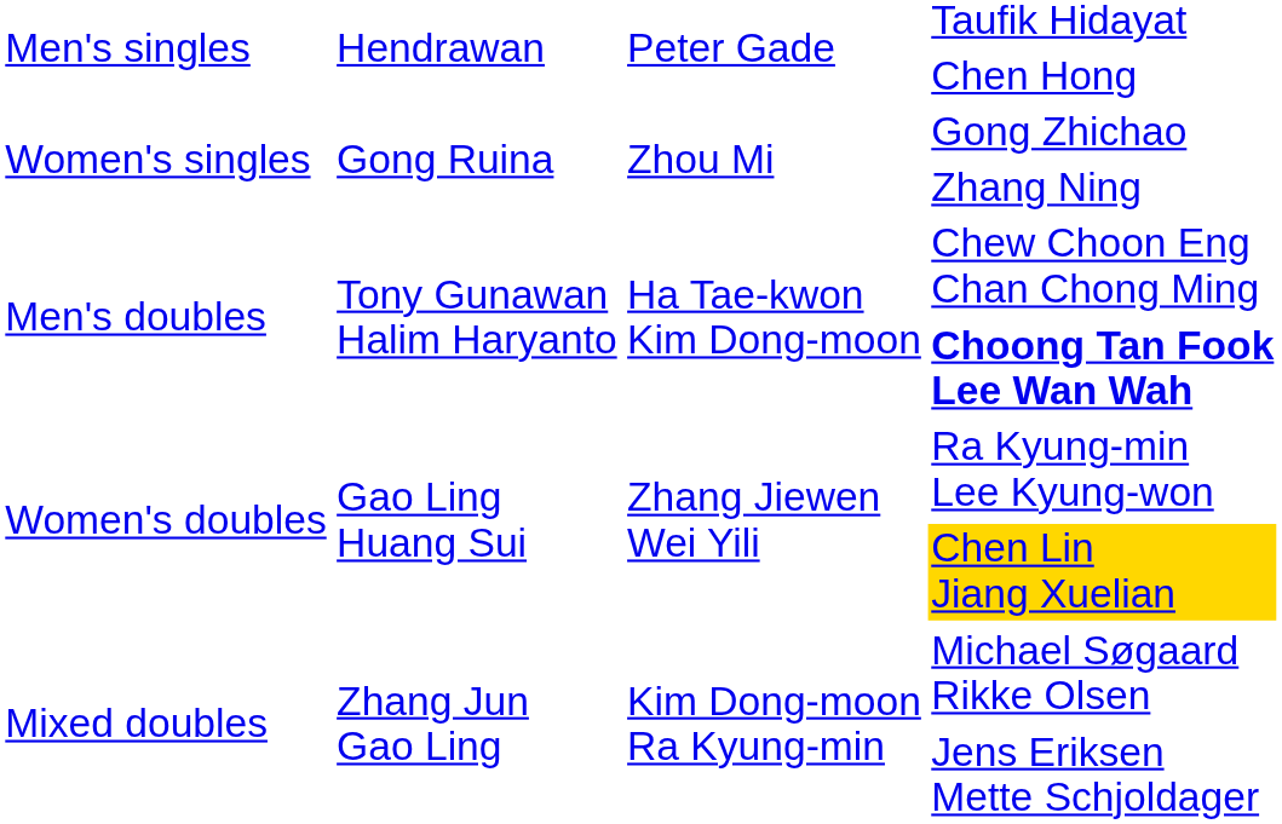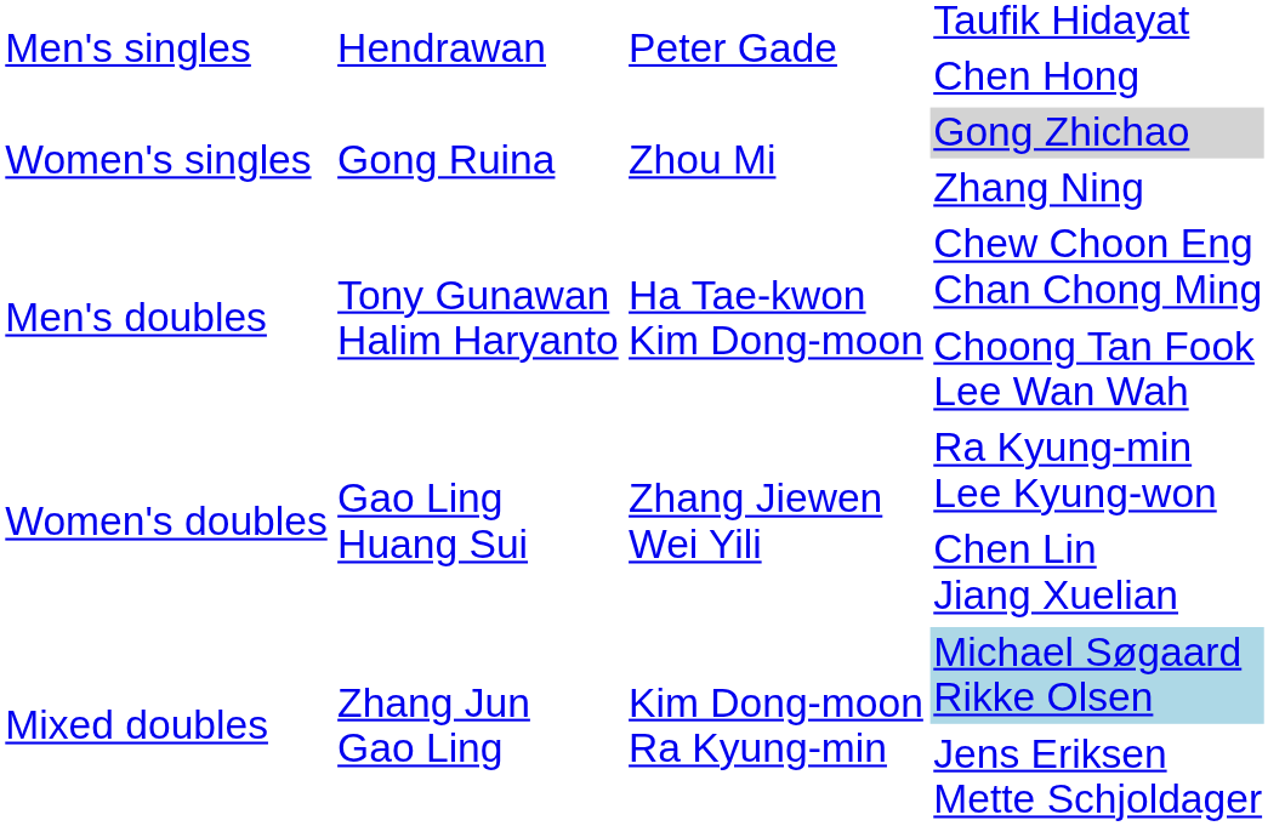 <table>
 <tr>
 <td rowspan=2><a href='#'>Men's singles</a></td>
 <td rowspan=2> <a href='#'>Hendrawan</a></td>
 <td rowspan=2> <a href='#'>Peter Gade</a></td>
 <td> <a href='#'>Taufik Hidayat</a></td>
 </tr>
 <tr>
 <td> <a href='#'>Chen Hong</a></td>
 </tr>
 <tr>
 <td rowspan=2><a href='#'>Women's singles</a></td>
 <td rowspan=2> <a href='#'>Gong Ruina</a></td>
 <td rowspan=2> <a href='#'>Zhou Mi</a></td>
-<td> <a href='#'>Gong Zhichao</a></td>
+<td style="background: lightgrey;"> <a href='#'>Gong Zhichao</a></td>
 </tr>
 <tr>
 <td> <a href='#'>Zhang Ning</a></td>
 </tr>
 <tr>
 <td rowspan=2><a href='#'>Men's doubles</a></td>
 <td rowspan=2> <a href='#'>Tony Gunawan</a><br> <a href='#'>Halim Haryanto</a></td>
 <td rowspan=2> <a href='#'>Ha Tae-kwon</a><br> <a href='#'>Kim Dong-moon</a></td>
 <td> <a href='#'>Chew Choon Eng</a><br> <a href='#'>Chan Chong Ming</a></td>
 </tr>
 <tr>
-<td><strong> <a href='#'>Choong Tan Fook</a><br> <a href='#'>Lee Wan Wah</a></strong></td>
+<td> <a href='#'>Choong Tan Fook</a><br> <a href='#'>Lee Wan Wah</a></td>
 </tr>
 <tr>
 <td rowspan=2><a href='#'>Women's doubles</a></td>
 <td rowspan=2> <a href='#'>Gao Ling</a><br> <a href='#'>Huang Sui</a></td>
 <td rowspan=2> <a href='#'>Zhang Jiewen</a><br> <a href='#'>Wei Yili</a></td>
 <td> <a href='#'>Ra Kyung-min</a><br> <a href='#'>Lee Kyung-won</a></td>
 </tr>
 <tr>
-<td style="background: gold;"> <a href='#'>Chen Lin</a><br>  <a href='#'>Jiang Xuelian</a></td>
+<td> <a href='#'>Chen Lin</a><br>  <a href='#'>Jiang Xuelian</a></td>
 </tr>
 <tr>
 <td rowspan=2><a href='#'>Mixed doubles</a></td>
 <td rowspan=2> <a href='#'>Zhang Jun</a><br>  <a href='#'>Gao Ling</a></td>
 <td rowspan=2> <a href='#'>Kim Dong-moon</a><br> <a href='#'>Ra Kyung-min</a></td>
-<td> <a href='#'>Michael Søgaard</a><br> <a href='#'>Rikke Olsen</a></td>
+<td style="background: lightblue;"> <a href='#'>Michael Søgaard</a><br> <a href='#'>Rikke Olsen</a></td>
 </tr>
 <tr>
 <td> <a href='#'>Jens Eriksen</a><br> <a href='#'>Mette Schjoldager</a></td>
 </tr>
 </table>
